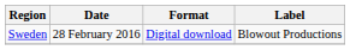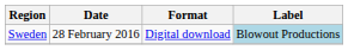 <table class=wikitable>
 <tr>
 <th>Region</th>
 <th>Date</th>
 <th>Format</th>
 <th>Label</th>
 </tr>
 <tr>
 <td><a href='#'>Sweden</a></td>
 <td>28 February 2016</td>
 <td><a href='#'>Digital download</a></td>
-<td>Blowout Productions</td>
+<td style="background: lightblue;">Blowout Productions</td>
 </tr>
 <tr>
 </tr>
 </table>
